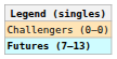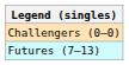 <table class=wikitable style=font-size:97%>
 <tr>
 <th>Legend (singles)</th>
 </tr>
 <tr bgcolor=moccasin>
 <td>Challengers (0–0)</td>
 </tr>
 <tr bgcolor=CFFCFF>
-<td><strong>Futures (7–13)</strong></td>
+<td>Futures (7–13)</td>
 </tr>
 </table>
